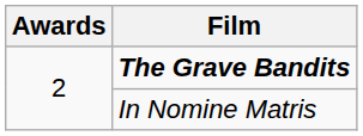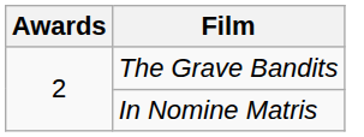 <table class="wikitable" style="text-align:center">
 <tr>
 <th scope="col">Awards</th>
 <th scope="col">Film</th>
 </tr>
 <tr>
 <td rowspan=2>2</td>
-<td align=left><strong><em>The Grave Bandits</em></strong></td>
+<td align=left><em>The Grave Bandits</em></td>
 </tr>
 <tr>
 <td align=left><em>In Nomine Matris</em></td>
 </tr>
 </table>
